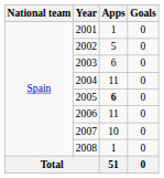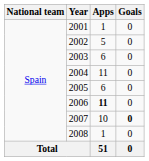 <table class="wikitable" style="text-align:center">
 <tr>
 <th>National team</th>
 <th>Year</th>
 <th>Apps</th>
 <th>Goals</th>
 </tr>
 <tr>
 <td rowspan="8"><a href='#'>Spain</a></td>
 <td>2001</td>
 <td>1</td>
 <td>0</td>
 </tr>
 <tr>
 <td>2002</td>
 <td>5</td>
 <td>0</td>
 </tr>
 <tr>
 <td>2003</td>
 <td>6</td>
 <td>0</td>
 </tr>
 <tr>
 <td>2004</td>
 <td>11</td>
 <td>0</td>
 </tr>
 <tr>
 <td>2005</td>
-<td><strong>6</strong></td>
+<td>6</td>
 <td>0</td>
 </tr>
 <tr>
 <td>2006</td>
-<td>11</td>
+<td><strong>11</strong></td>
 <td>0</td>
 </tr>
 <tr>
 <td>2007</td>
 <td>10</td>
-<td>0</td>
+<td><strong>0</strong></td>
 </tr>
 <tr>
 <td>2008</td>
 <td>1</td>
 <td>0</td>
 </tr>
 <tr>
 <th colspan="2">Total</th>
 <th>51</th>
 <th>0</th>
 </tr>
 </table>
